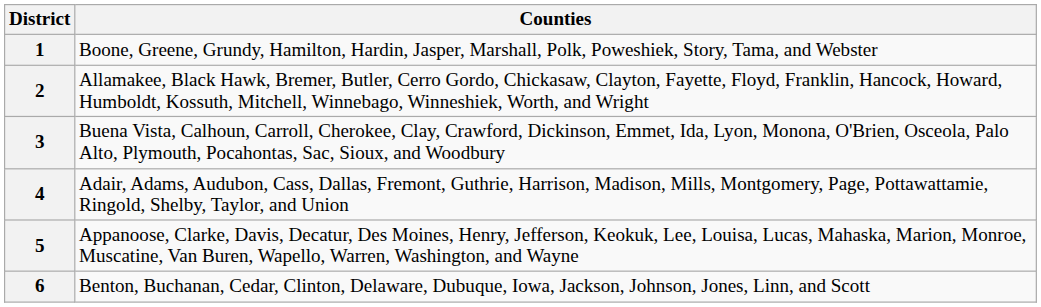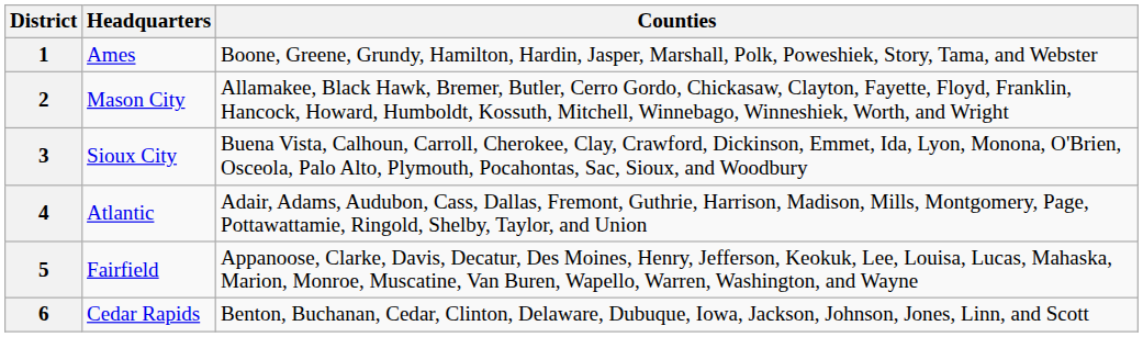 <table class="wikitable">
 <tr>
 <th>District</th>
+<th>Headquarters</th>
 <th>Counties</th>
 </tr>
 <tr>
 <th scope="row">1</th>
+<td><a href='#'>Ames</a></td>
 <td>Boone, Greene, Grundy, Hamilton, Hardin, Jasper, Marshall, Polk, Poweshiek, Story, Tama, and Webster</td>
 </tr>
 <tr>
 <th scope="row">2</th>
+<td><a href='#'>Mason City</a></td>
 <td>Allamakee, Black Hawk, Bremer, Butler, Cerro Gordo, Chickasaw, Clayton, Fayette, Floyd, Franklin, Hancock, Howard, Humboldt, Kossuth, Mitchell, Winnebago, Winneshiek, Worth, and Wright</td>
 </tr>
 <tr>
 <th scope="row">3</th>
+<td><a href='#'>Sioux City</a></td>
 <td>Buena Vista, Calhoun, Carroll, Cherokee, Clay, Crawford, Dickinson, Emmet, Ida, Lyon, Monona, O'Brien, Osceola, Palo Alto, Plymouth, Pocahontas, Sac, Sioux, and Woodbury</td>
 </tr>
 <tr>
 <th scope="row">4</th>
+<td><a href='#'>Atlantic</a></td>
 <td>Adair, Adams, Audubon, Cass, Dallas, Fremont, Guthrie, Harrison, Madison, Mills, Montgomery, Page, Pottawattamie, Ringold, Shelby, Taylor, and Union</td>
 </tr>
 <tr>
 <th scope="row">5</th>
+<td><a href='#'>Fairfield</a></td>
 <td>Appanoose, Clarke, Davis, Decatur, Des Moines, Henry, Jefferson, Keokuk, Lee, Louisa, Lucas, Mahaska, Marion, Monroe, Muscatine, Van Buren, Wapello, Warren, Washington, and Wayne</td>
 </tr>
 <tr>
 <th scope="row">6</th>
+<td><a href='#'>Cedar Rapids</a></td>
 <td>Benton, Buchanan, Cedar, Clinton, Delaware, Dubuque, Iowa, Jackson, Johnson, Jones, Linn, and Scott</td>
 </tr>
 </table>
